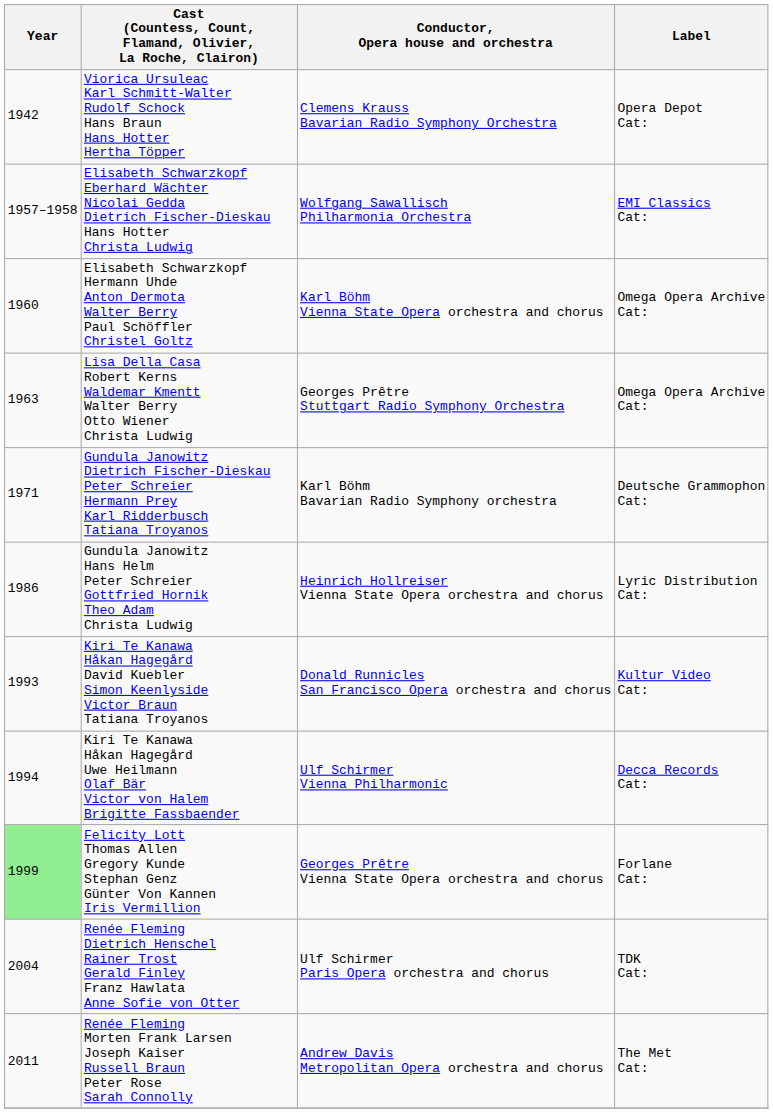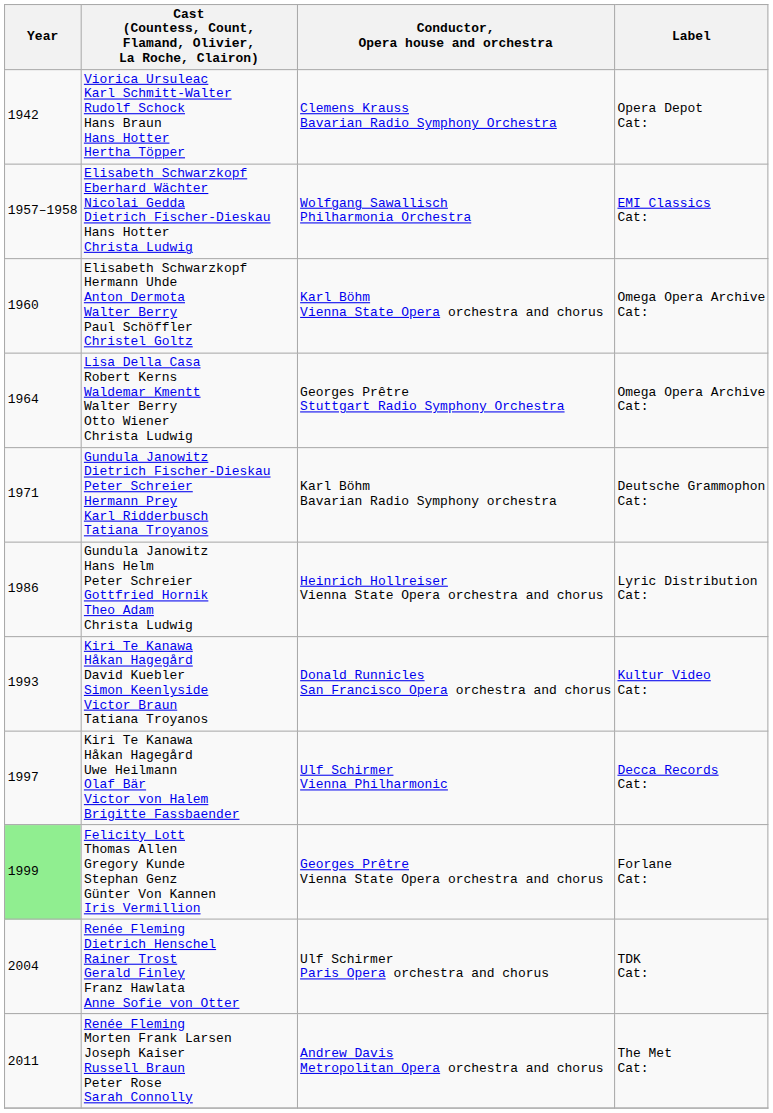 <table class="wikitable" style="font-size:95%;">
 <tr>
 <th>Year</th>
 <th width="200">Cast<br>(Countess, Count,<br>Flamand, Olivier,<br>La Roche, Clairon)</th>
 <th>Conductor,<br>Opera house and orchestra</th>
 <th>Label</th>
 </tr>
 <tr>
 <td>1942</td>
 <td><a href='#'>Viorica Ursuleac</a><br><a href='#'>Karl Schmitt-Walter</a><br><a href='#'>Rudolf Schock</a><br>Hans Braun<br><a href='#'>Hans Hotter</a><br><a href='#'>Hertha Töpper</a></td>
 <td><a href='#'>Clemens Krauss</a><br><a href='#'>Bavarian Radio Symphony Orchestra</a></td>
 <td>Opera Depot<br>Cat:</td>
 </tr>
 <tr>
 <td>1957–1958</td>
 <td><a href='#'>Elisabeth Schwarzkopf</a><br><a href='#'>Eberhard Wächter</a><br><a href='#'>Nicolai Gedda</a><br><a href='#'>Dietrich Fischer-Dieskau</a><br>Hans Hotter<br><a href='#'>Christa Ludwig</a></td>
 <td><a href='#'>Wolfgang Sawallisch</a><br><a href='#'>Philharmonia Orchestra</a></td>
 <td><a href='#'>EMI Classics</a><br>Cat:</td>
 </tr>
 <tr>
 <td>1960</td>
 <td>Elisabeth Schwarzkopf<br>Hermann Uhde<br><a href='#'>Anton Dermota</a><br><a href='#'>Walter Berry</a><br>Paul Schöffler<br><a href='#'>Christel Goltz</a></td>
 <td><a href='#'>Karl Böhm</a><br><a href='#'>Vienna State Opera</a> orchestra and chorus</td>
 <td>Omega Opera Archive<br>Cat:</td>
 </tr>
 <tr>
-<td>1963</td>
+<td>1964</td>
 <td><a href='#'>Lisa Della Casa</a><br>Robert Kerns<br><a href='#'>Waldemar Kmentt</a><br>Walter Berry<br>Otto Wiener<br>Christa Ludwig</td>
 <td>Georges Prêtre<br><a href='#'>Stuttgart Radio Symphony Orchestra</a></td>
 <td>Omega Opera Archive<br>Cat:</td>
 </tr>
 <tr>
 <td>1971</td>
 <td><a href='#'>Gundula Janowitz</a><br><a href='#'>Dietrich Fischer-Dieskau</a><br><a href='#'>Peter Schreier</a><br><a href='#'>Hermann Prey</a><br><a href='#'>Karl Ridderbusch</a><br><a href='#'>Tatiana Troyanos</a></td>
 <td>Karl Böhm<br>Bavarian Radio Symphony orchestra</td>
 <td>Deutsche Grammophon<br>Cat:</td>
 </tr>
 <tr>
 <td>1986</td>
 <td>Gundula Janowitz<br>Hans Helm<br>Peter Schreier<br><a href='#'>Gottfried Hornik</a><br><a href='#'>Theo Adam</a><br>Christa Ludwig</td>
 <td><a href='#'>Heinrich Hollreiser</a><br>Vienna State Opera orchestra and chorus</td>
 <td>Lyric Distribution<br>Cat:</td>
 </tr>
 <tr>
 <td>1993</td>
 <td><a href='#'>Kiri Te Kanawa</a><br><a href='#'>Håkan Hagegård</a><br>David Kuebler<br><a href='#'>Simon Keenlyside</a><br><a href='#'>Victor Braun</a><br>Tatiana Troyanos</td>
 <td><a href='#'>Donald Runnicles</a><br><a href='#'>San Francisco Opera</a> orchestra and chorus</td>
 <td><a href='#'>Kultur Video</a><br>Cat: </td>
 </tr>
 <tr>
-<td>1994</td>
+<td>1997</td>
 <td>Kiri Te Kanawa<br>Håkan Hagegård<br>Uwe Heilmann<br><a href='#'>Olaf Bär</a><br><a href='#'>Victor von Halem</a><br><a href='#'>Brigitte Fassbaender</a></td>
 <td><a href='#'>Ulf Schirmer</a><br><a href='#'>Vienna Philharmonic</a></td>
 <td><a href='#'>Decca Records</a><br>Cat:</td>
 </tr>
 <tr>
 <td style="background: lightgreen;">1999</td>
 <td><a href='#'>Felicity Lott</a><br>Thomas Allen<br>Gregory Kunde<br>Stephan Genz<br>Günter Von Kannen<br><a href='#'>Iris Vermillion</a></td>
 <td><a href='#'>Georges Prêtre</a><br>Vienna State Opera orchestra and chorus</td>
 <td>Forlane<br>Cat:</td>
 </tr>
 <tr>
 <td>2004</td>
 <td><a href='#'>Renée Fleming</a><br><a href='#'>Dietrich Henschel</a><br><a href='#'>Rainer Trost</a><br><a href='#'>Gerald Finley</a><br>Franz Hawlata<br><a href='#'>Anne Sofie von Otter</a></td>
 <td>Ulf Schirmer<br><a href='#'>Paris Opera</a> orchestra and chorus</td>
 <td>TDK<br>Cat:</td>
 </tr>
 <tr>
 <td>2011</td>
 <td><a href='#'>Renée Fleming</a><br>Morten Frank Larsen<br>Joseph Kaiser<br><a href='#'>Russell Braun</a><br>Peter Rose<br><a href='#'>Sarah Connolly</a></td>
 <td><a href='#'>Andrew Davis</a><br><a href='#'>Metropolitan Opera</a> orchestra and chorus</td>
 <td>The Met<br>Cat:</td>
 </tr>
 <tr>
 </tr>
 </table>
